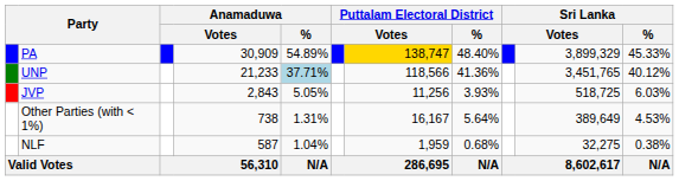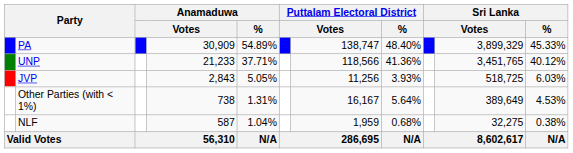 <table class="wikitable">
 <tr>
 <th colspan="2" width="144px"rowspan="2">Party</th>
 <th colspan="3" width="216px">Anamaduwa</th>
 <th colspan="3" width="216px"><a href='#'>Puttalam Electoral District</a></th>
 <th colspan="3" width="216px">Sri Lanka</th>
 </tr>
 <tr>
 <th colspan="2" width="144px">Votes</th>
 <th>%</th>
 <th colspan="2" width="144px">Votes</th>
 <th>%</th>
 <th colspan="2" width="144px">Votes</th>
 <th>%</th>
 </tr>
 <tr>
 <td style="background-color:blue;" width="10px"></td>
 <td style="text-align:left;"><a href='#'>PA</a></td>
 <td style="background-color:blue;" width="10px"></td>
 <td style="text-align:right;">30,909</td>
 <td style="text-align:right;">54.89%</td>
 <td style="background-color:blue;" width="10px"></td>
-<td style="background: gold; text-align:right;">138,747</td>
+<td style="text-align:right;">138,747</td>
 <td style="text-align:right;">48.40%</td>
 <td style="background-color:blue;" width="10px"></td>
 <td style="text-align:right;">3,899,329</td>
 <td style="text-align:right;">45.33%</td>
 </tr>
 <tr>
 <td style="background-color:green;" width="10px"></td>
 <td style="text-align:left;"><a href='#'>UNP</a></td>
 <td style="background-color:white;" width="10px"></td>
 <td style="text-align:right;">21,233</td>
-<td style="background: lightblue; text-align:right;">37.71%</td>
+<td style="text-align:right;">37.71%</td>
 <td style="background-color:white;" width="10px"></td>
 <td style="text-align:right;">118,566</td>
 <td style="text-align:right;">41.36%</td>
 <td style="background-color:white;" width="10px"></td>
 <td style="text-align:right;">3,451,765</td>
 <td style="text-align:right;">40.12%</td>
 </tr>
 <tr>
 <td style="background-color:red;" width="10px"></td>
 <td style="text-align:left;"><a href='#'>JVP</a></td>
 <td style="background-color:white;" width="10px"></td>
 <td style="text-align:right;">2,843</td>
 <td style="text-align:right;">5.05%</td>
 <td style="background-color:white;" width="10px"></td>
 <td style="text-align:right;">11,256</td>
 <td style="text-align:right;">3.93%</td>
 <td style="background-color:white;" width="10px"></td>
 <td style="text-align:right;">518,725</td>
 <td style="text-align:right;">6.03%</td>
 </tr>
 <tr>
 <td style="background-color:white;" width="10px"></td>
 <td style="text-align:left;">Other Parties (with < 1%)</td>
 <td style="background-color:white;" width="10px"></td>
 <td style="text-align:right;">738</td>
 <td style="text-align:right;">1.31%</td>
 <td style="background-color:white;" width="10px"></td>
 <td style="text-align:right;">16,167</td>
 <td style="text-align:right;">5.64%</td>
 <td style="background-color:white;" width="10px"></td>
 <td style="text-align:right;">389,649</td>
 <td style="text-align:right;">4.53%</td>
 </tr>
 <tr>
 <td style="background-color:white;" width="10px"></td>
 <td style="text-align:left;">NLF</td>
 <td style="background-color:white;" width="10px"></td>
 <td style="text-align:right;">587</td>
 <td style="text-align:right;">1.04%</td>
 <td style="background-color:white;" width="10px"></td>
 <td style="text-align:right;">1,959</td>
 <td style="text-align:right;">0.68%</td>
 <td style="background-color:white;" width="10px"></td>
 <td style="text-align:right;">32,275</td>
 <td style="text-align:right;">0.38%</td>
 </tr>
 <tr>
 <th colspan="2" width="144px"style="text-align:left;">Valid Votes</th>
 <th style="text-align:right;"colspan="2" width="144px">56,310</th>
 <th style="text-align:right;">N/A</th>
 <th style="text-align:right;"colspan="2" width="144px">286,695</th>
 <th style="text-align:right;">N/A</th>
 <th style="text-align:right;"colspan="2" width="144px">8,602,617</th>
 <th style="text-align:right;">N/A</th>
 </tr>
 </table>
